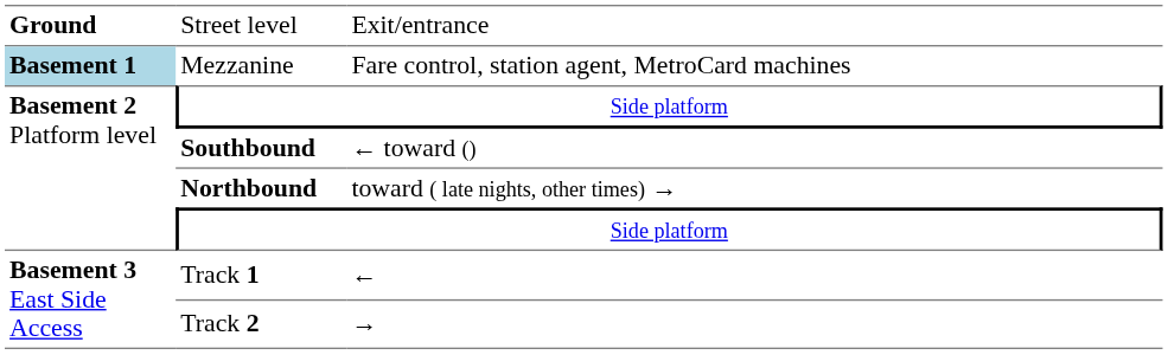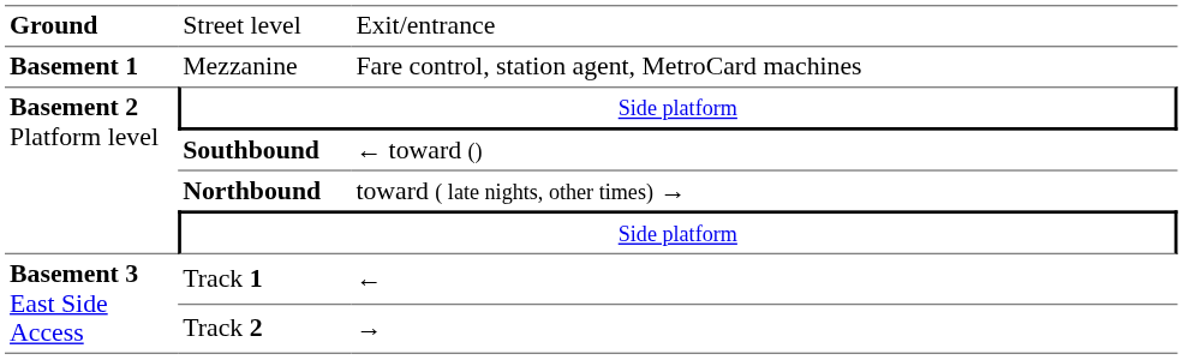 <table border=0 cellspacing=0 cellpadding=3>
 <tr>
 <td style="border-bottom:solid 1px gray;border-top:solid 1px gray;" width=100><strong>Ground</strong></td>
 <td style="border-top:solid 1px gray;border-bottom:solid 1px gray;" width=100>Street level</td>
 <td style="border-top:solid 1px gray;border-bottom:solid 1px gray;" width=500>Exit/entrance</td>
 </tr>
 <tr>
-<td style="background: lightblue;"><strong>Basement 1</strong></td>
+<td><strong>Basement 1</strong></td>
 <td>Mezzanine</td>
 <td>Fare control, station agent, MetroCard machines<br></td>
 </tr>
 <tr>
 <td style="border-top:solid 1px gray;border-bottom:solid 1px gray;" rowspan=4 valign=top><strong>Basement 2</strong><br>Platform level</td>
 <td style="border-top:solid 1px gray;border-right:solid 2px black;border-left:solid 2px black;border-bottom:solid 2px black;text-align:center;" colspan=2><small><a href='#'>Side platform</a> </small></td>
 </tr>
 <tr>
 <td style="border-bottom:solid 1px gray;"><span><strong>Southbound</strong></span></td>
 <td style="border-bottom:solid 1px gray;">←  toward  <small>()</small></td>
 </tr>
 <tr>
 <td><span><strong>Northbound</strong></span></td>
 <td>  toward  <small>( late nights,  other times)</small> →</td>
 </tr>
 <tr>
 <td style="border-top:solid 2px black;border-right:solid 2px black;border-left:solid 2px black;border-bottom:solid 1px gray;text-align:center;" colspan=2><small><a href='#'>Side platform</a> </small></td>
 </tr>
 <tr>
 <td style="border-bottom:solid 1px gray;" rowspan=2 valign=top><strong>Basement 3</strong><br><a href='#'>East Side Access</a></td>
 <td style="border-bottom:solid 1px gray;">Track <strong>1</strong></td>
 <td style="border-bottom:solid 1px gray;">← </td>
 </tr>
 <tr>
 <td style="border-bottom:solid 1px gray;">Track <strong>2</strong></td>
 <td style="border-bottom:solid 1px gray;">  →</td>
 </tr>
 </table>
